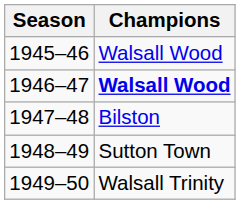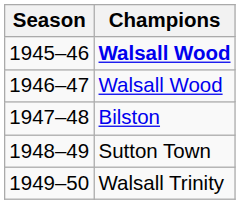 <table class=wikitable>
 <tr>
 <th>Season</th>
 <th>Champions</th>
 </tr>
 <tr>
 <td>1945–46</td>
-<td><a href='#'>Walsall Wood</a></td>
+<td><strong><a href='#'>Walsall Wood</a></strong></td>
 </tr>
 <tr>
 <td>1946–47</td>
-<td><strong><a href='#'>Walsall Wood</a></strong></td>
+<td><a href='#'>Walsall Wood</a></td>
 </tr>
 <tr>
 <td>1947–48</td>
 <td><a href='#'>Bilston</a></td>
 </tr>
 <tr>
 <td>1948–49</td>
 <td>Sutton Town</td>
 </tr>
 <tr>
 <td>1949–50</td>
 <td>Walsall Trinity</td>
 </tr>
 </table>
